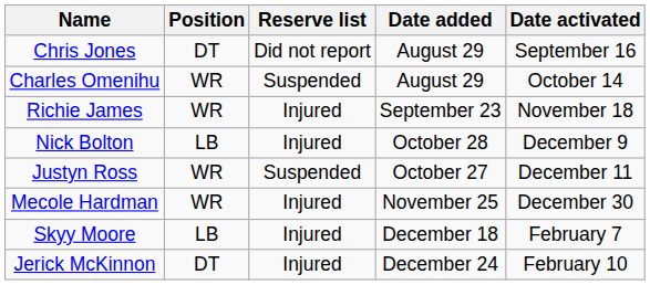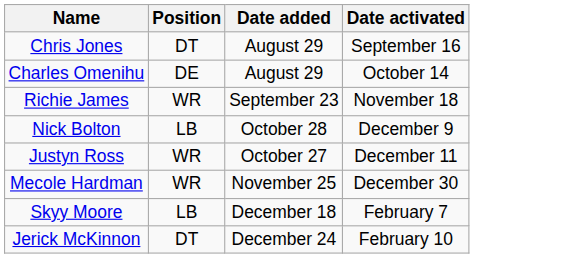 <table class="wikitable sortable" style="text-align:center">
 <tr>
 <th>Name</th>
 <th>Position</th>
-<th>Reserve list</th>
 <th>Date added</th>
 <th>Date activated</th>
 </tr>
 <tr>
 <td><a href='#'>Chris Jones</a></td>
 <td>DT</td>
-<td>Did not report</td>
 <td>August 29</td>
 <td>September 16</td>
 </tr>
 <tr>
 <td><a href='#'>Charles Omenihu</a></td>
-<td>WR</td>
-<td>Suspended</td>
+<td>DE</td>
 <td>August 29</td>
 <td>October 14</td>
 </tr>
 <tr>
 <td><a href='#'>Richie James</a></td>
 <td>WR</td>
-<td>Injured</td>
 <td>September 23</td>
 <td>November 18</td>
 </tr>
 <tr>
 <td><a href='#'>Nick Bolton</a></td>
 <td>LB</td>
-<td>Injured</td>
 <td>October 28</td>
 <td>December 9</td>
 </tr>
 <tr>
 <td><a href='#'>Justyn Ross</a></td>
 <td>WR</td>
-<td>Suspended</td>
 <td>October 27</td>
 <td>December 11</td>
 </tr>
 <tr>
 <td><a href='#'>Mecole Hardman</a></td>
 <td>WR</td>
-<td>Injured</td>
 <td>November 25</td>
 <td>December 30</td>
 </tr>
 <tr>
 <td><a href='#'>Skyy Moore</a></td>
 <td>LB</td>
-<td>Injured</td>
 <td>December 18</td>
 <td>February 7</td>
 </tr>
 <tr>
 <td><a href='#'>Jerick McKinnon</a></td>
 <td>DT</td>
-<td>Injured</td>
 <td>December 24</td>
 <td>February 10</td>
 </tr>
 </table>
